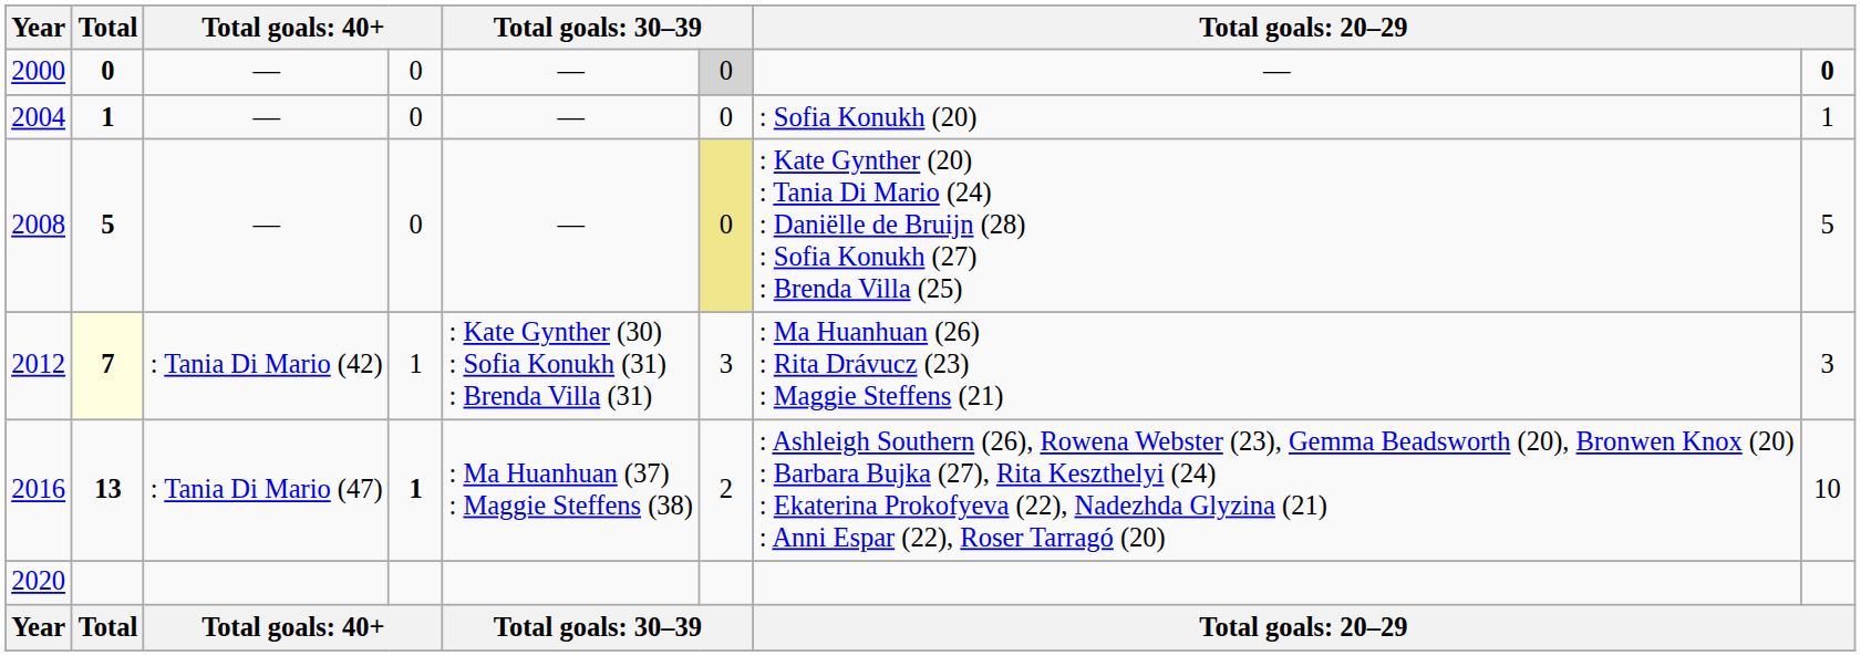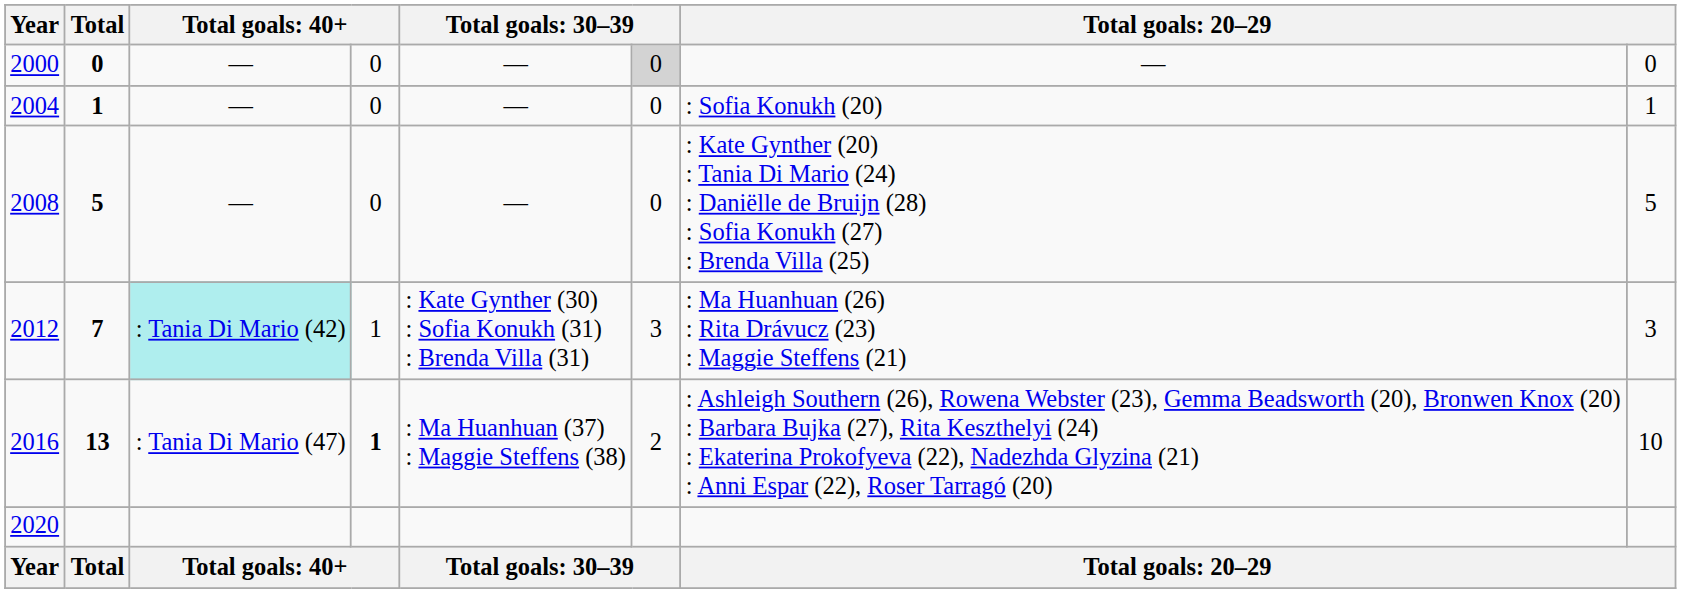 <table class="wikitable" style="text-align: center; font-size: 85%; margin-left: 1em;">
 <tr>
 <th>Year</th>
 <th>Total</th>
 <th colspan="2">Total goals: 40+</th>
 <th colspan="2">Total goals: 30–39</th>
 <th colspan="2">Total goals: 20–29</th>
 </tr>
 <tr>
 <td><a href='#'>2000</a></td>
 <td><strong>0</strong></td>
 <td>—</td>
 <td style="width: 1.5em;">0</td>
 <td>—</td>
 <td style="background: lightgrey; width: 1.5em;">0</td>
 <td>—</td>
-<td style="width: 1.5em;"><strong>0</strong></td>
+<td style="width: 1.5em;">0</td>
 </tr>
 <tr>
 <td><a href='#'>2004</a></td>
 <td><strong>1</strong></td>
 <td>—</td>
 <td>0</td>
 <td>—</td>
 <td>0</td>
 <td style="text-align: left;">: <a href='#'>Sofia Konukh</a> (20)</td>
 <td>1</td>
 </tr>
 <tr>
 <td><a href='#'>2008</a></td>
 <td><strong>5</strong></td>
 <td>—</td>
 <td>0</td>
 <td>—</td>
-<td style="background: khaki;">0</td>
+<td>0</td>
 <td style="text-align: left;">: <a href='#'>Kate Gynther</a> (20)<br>: <a href='#'>Tania Di Mario</a> (24)<br>: <a href='#'>Daniëlle de Bruijn</a> (28)<br>: <a href='#'>Sofia Konukh</a> (27)<br>: <a href='#'>Brenda Villa</a> (25)</td>
 <td>5</td>
 </tr>
 <tr>
 <td><a href='#'>2012</a></td>
-<td style="background: lightyellow;"><strong>7</strong></td>
-<td style="text-align: left;">: <a href='#'>Tania Di Mario</a> (42)</td>
+<td><strong>7</strong></td>
+<td style="background: paleturquoise; text-align: left;">: <a href='#'>Tania Di Mario</a> (42)</td>
 <td>1</td>
 <td style="text-align: left;">: <a href='#'>Kate Gynther</a> (30)<br>: <a href='#'>Sofia Konukh</a> (31)<br>: <a href='#'>Brenda Villa</a> (31)</td>
 <td>3</td>
 <td style="text-align: left;">: <a href='#'>Ma Huanhuan</a> (26)<br>: <a href='#'>Rita Drávucz</a> (23)<br>: <a href='#'>Maggie Steffens</a> (21)</td>
 <td>3</td>
 </tr>
 <tr>
 <td><a href='#'>2016</a></td>
 <td><strong>13</strong></td>
 <td style="text-align: left;">: <a href='#'>Tania Di Mario</a> (47)</td>
 <td><strong>1</strong></td>
 <td style="text-align: left;">: <a href='#'>Ma Huanhuan</a> (37)<br>: <a href='#'>Maggie Steffens</a> (38)</td>
 <td>2</td>
 <td style="text-align: left;">: <a href='#'>Ashleigh Southern</a> (26), <a href='#'>Rowena Webster</a> (23), <a href='#'>Gemma Beadsworth</a> (20), <a href='#'>Bronwen Knox</a> (20)<br>: <a href='#'>Barbara Bujka</a> (27), <a href='#'>Rita Keszthelyi</a> (24)<br>: <a href='#'>Ekaterina Prokofyeva</a> (22), <a href='#'>Nadezhda Glyzina</a> (21)<br>: <a href='#'>Anni Espar</a> (22), <a href='#'>Roser Tarragó</a> (20)</td>
 <td>10</td>
 </tr>
 <tr>
 <td><a href='#'>2020</a></td>
 <td></td>
 <td></td>
 <td></td>
 <td></td>
 <td></td>
 <td></td>
 <td></td>
 </tr>
 <tr>
 <th>Year</th>
 <th>Total</th>
 <th colspan="2">Total goals: 40+</th>
 <th colspan="2">Total goals: 30–39</th>
 <th colspan="2">Total goals: 20–29</th>
 </tr>
 </table>
